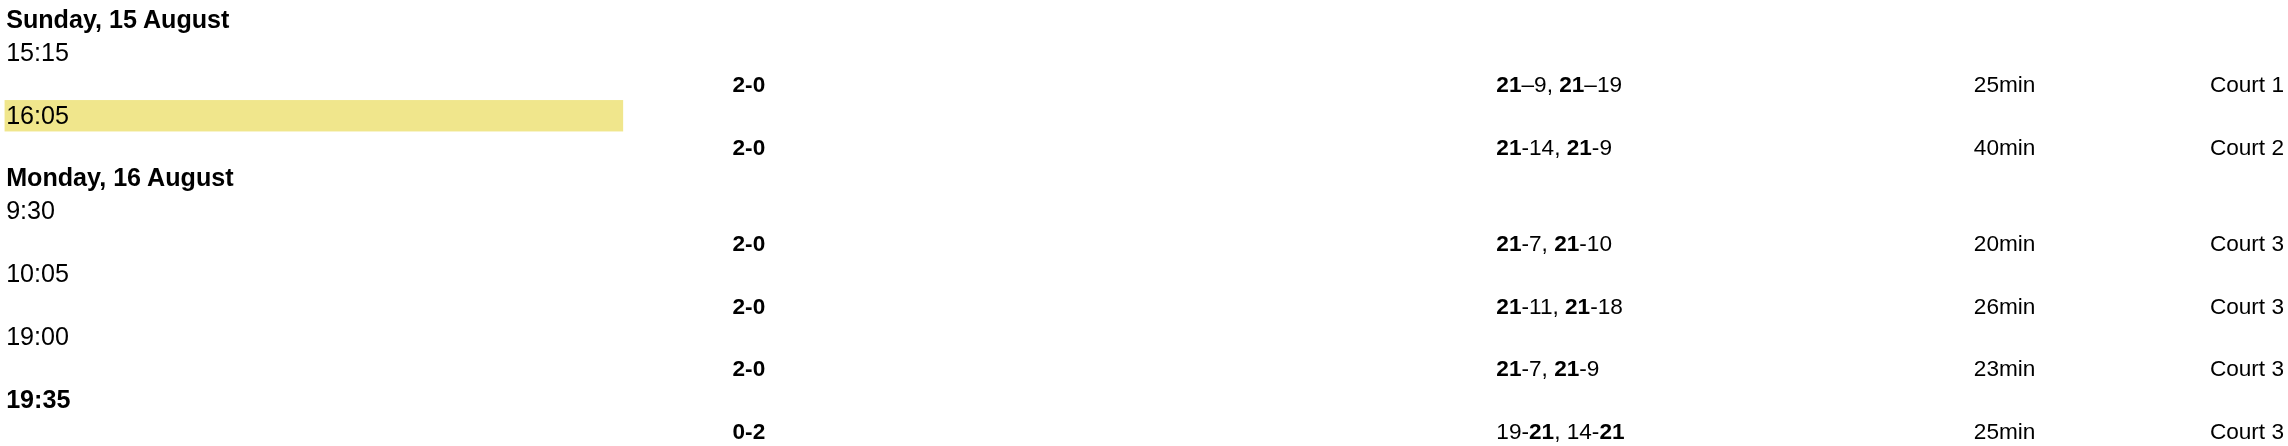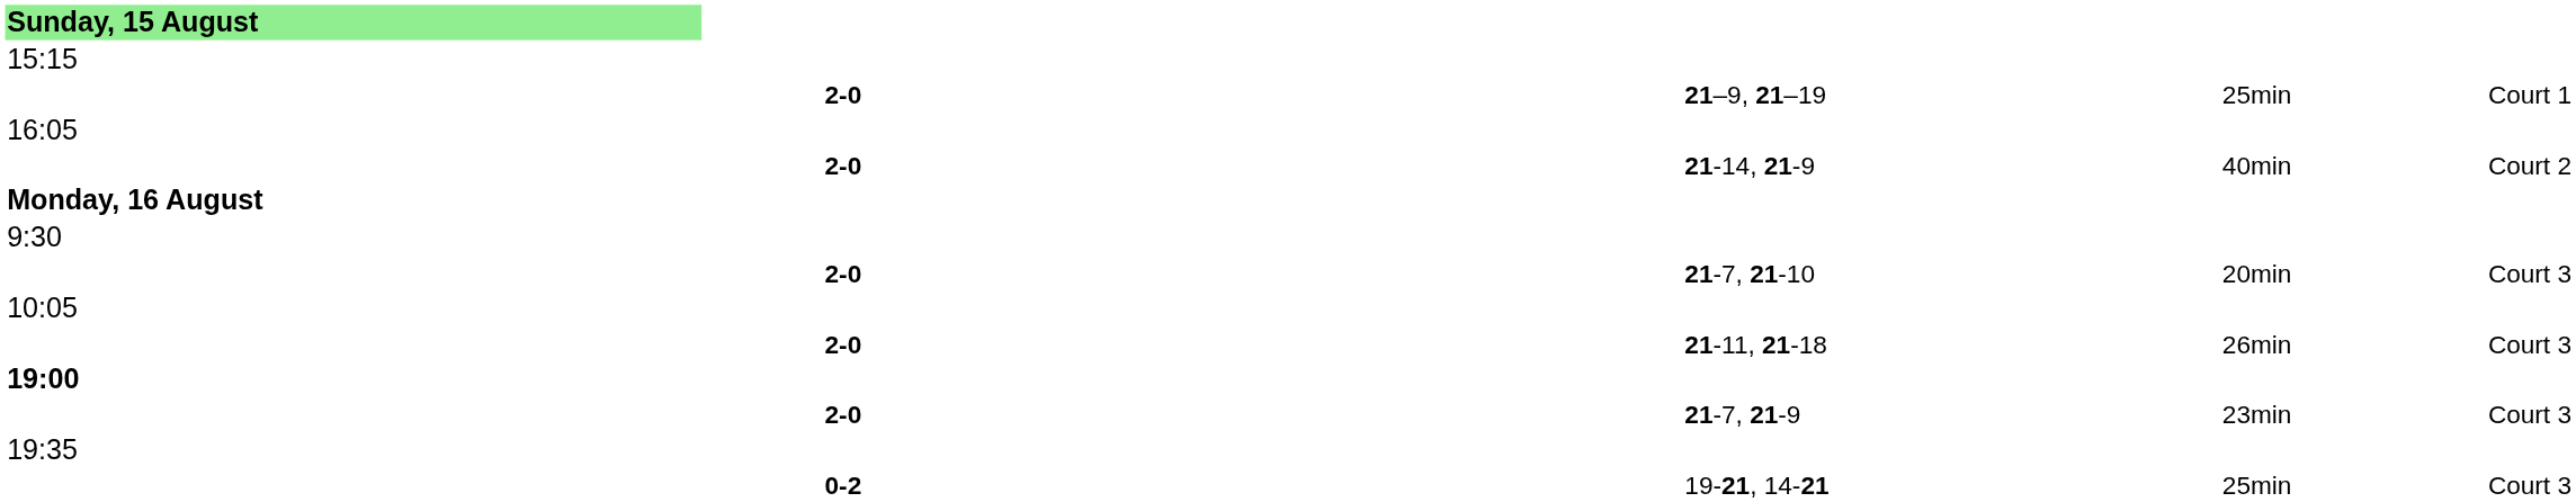 <table style="width:100%;" cellspacing="1">
 <tr>
 <th width=25%></th>
 <th width=10%></th>
 <th width=25%></th>
 </tr>
 <tr>
-<td><strong>Sunday, 15 August</strong></td>
+<td style="background: lightgreen;"><strong>Sunday, 15 August</strong></td>
 </tr>
 <tr>
 <td>15:15</td>
 </tr>
 <tr style=font-size:90%>
 <td align=right><strong></strong></td>
 <td align=center><strong> 2-0 </strong></td>
 <td></td>
 <td><strong>21</strong>–9, <strong>21</strong>–19</td>
 <td>25min</td>
 <td>Court 1</td>
 </tr>
 <tr>
-<td style="background: khaki;">16:05</td>
+<td>16:05</td>
 </tr>
 <tr style=font-size:90%>
 <td align=right><strong></strong></td>
 <td align=center><strong> 2-0 </strong></td>
 <td></td>
 <td><strong>21</strong>-14, <strong>21</strong>-9</td>
 <td>40min</td>
 <td>Court 2</td>
 </tr>
 <tr>
 <td><strong>Monday, 16 August</strong></td>
 </tr>
 <tr>
 <td>9:30</td>
 </tr>
 <tr style=font-size:90%>
 <td align=right><strong></strong></td>
 <td align=center><strong> 2-0 </strong></td>
 <td></td>
 <td><strong>21</strong>-7, <strong>21</strong>-10</td>
 <td>20min</td>
 <td>Court 3</td>
 </tr>
 <tr>
 <td>10:05</td>
 </tr>
 <tr style=font-size:90%>
 <td align=right><strong></strong></td>
 <td align=center><strong> 2-0 </strong></td>
 <td></td>
 <td><strong>21</strong>-11, <strong>21</strong>-18</td>
 <td>26min</td>
 <td>Court 3</td>
 </tr>
 <tr>
-<td>19:00</td>
+<td><strong>19:00</strong></td>
 </tr>
 <tr style=font-size:90%>
 <td align=right><strong></strong></td>
 <td align=center><strong> 2-0 </strong></td>
 <td></td>
 <td><strong>21</strong>-7, <strong>21</strong>-9</td>
 <td>23min</td>
 <td>Court 3</td>
 </tr>
 <tr>
-<td><strong>19:35</strong></td>
+<td>19:35</td>
 </tr>
 <tr style=font-size:90%>
 <td align=right></td>
 <td align=center><strong> 0-2 </strong></td>
 <td><strong></strong></td>
 <td>19-<strong>21</strong>, 14-<strong>21</strong></td>
 <td>25min</td>
 <td>Court 3</td>
 </tr>
 </table>
